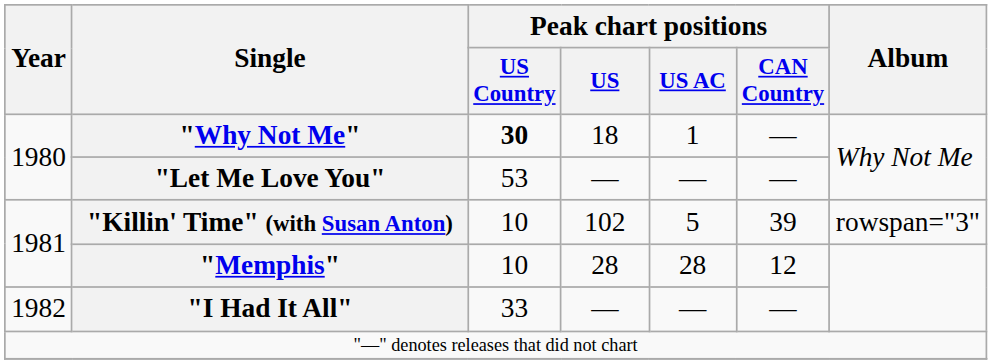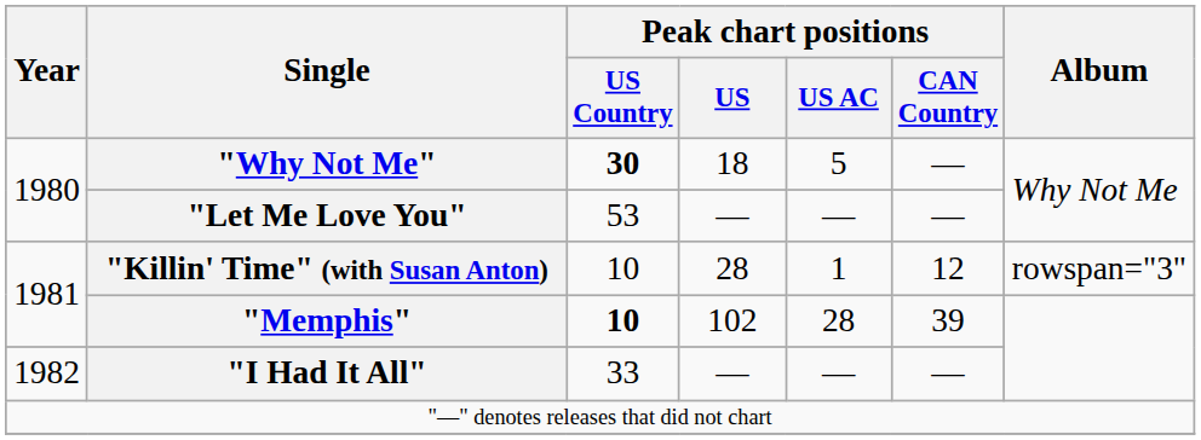 <table class="wikitable plainrowheaders" style="text-align:center;">
 <tr>
 <th rowspan="2">Year</th>
 <th rowspan="2" style="width:14em;">Single</th>
 <th colspan="4">Peak chart positions</th>
 <th rowspan="2">Album</th>
 </tr>
 <tr style="font-size:smaller;">
 <th width="45"><a href='#'>US Country</a><br></th>
 <th width="45"><a href='#'>US</a><br></th>
 <th width="45"><a href='#'>US AC</a><br></th>
 <th width="45"><a href='#'>CAN Country</a></th>
 </tr>
 <tr>
 <td rowspan="2">1980</td>
 <th scope="row">"<a href='#'>Why Not Me</a>"</th>
 <td><strong>30</strong></td>
 <td>18</td>
-<td>1</td>
+<td>5</td>
 <td>—</td>
 <td align="left" rowspan="2"><em>Why Not Me</em></td>
 </tr>
 <tr>
 <th scope="row">"Let Me Love You"</th>
 <td>53</td>
 <td>—</td>
 <td>—</td>
 <td>—</td>
 </tr>
 <tr>
 <td rowspan="2">1981</td>
 <th scope="row">"Killin' Time" <small>(with <a href='#'>Susan Anton</a>)</small></th>
 <td>10</td>
-<td>102</td>
-<td>5</td>
-<td>39</td>
+<td>28</td>
+<td>1</td>
+<td>12</td>
 <td>rowspan="3" </td>
 </tr>
 <tr>
 <th scope="row">"<a href='#'>Memphis</a>"</th>
-<td>10</td>
+<td><strong>10</strong></td>
+<td>102</td>
 <td>28</td>
-<td>28</td>
-<td>12</td>
+<td>39</td>
 </tr>
 <tr>
 <td>1982</td>
 <th scope="row">"I Had It All"</th>
 <td>33</td>
 <td>—</td>
 <td>—</td>
 <td>—</td>
 </tr>
 <tr>
 <td align="center" colspan="7" style="font-size:8pt">"—" denotes releases that did not chart</td>
 </tr>
 <tr>
 </tr>
 </table>
